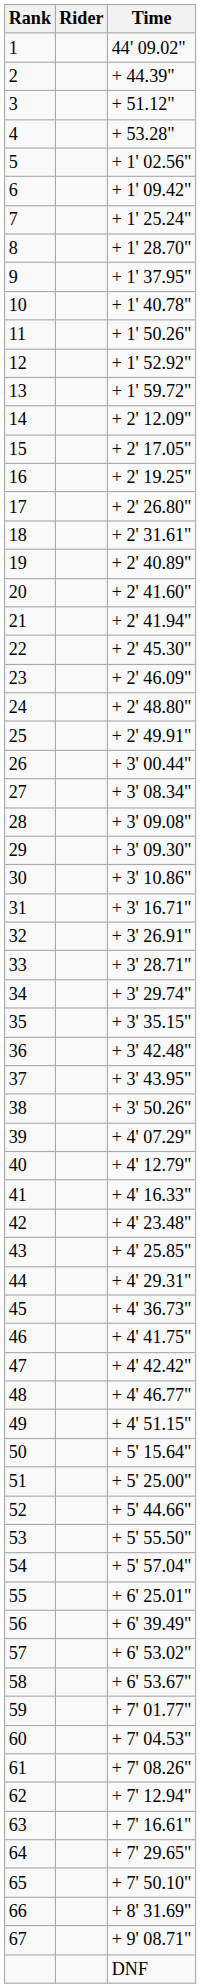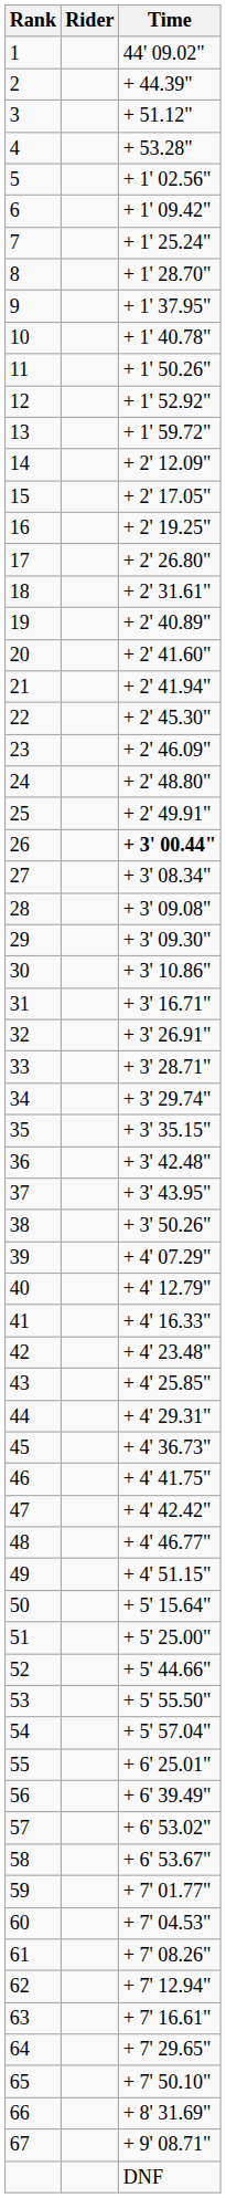 <table class="wikitable">
 <tr>
 <th>Rank</th>
 <th>Rider</th>
 <th>Time</th>
 </tr>
 <tr>
 <td>1</td>
 <td></td>
 <td>44' 09.02"</td>
 </tr>
 <tr>
 <td>2</td>
 <td></td>
 <td>+ 44.39"</td>
 </tr>
 <tr>
 <td>3</td>
 <td></td>
 <td>+ 51.12"</td>
 </tr>
 <tr>
 <td>4</td>
 <td></td>
 <td>+ 53.28"</td>
 </tr>
 <tr>
 <td>5</td>
 <td></td>
 <td>+ 1' 02.56"</td>
 </tr>
 <tr>
 <td>6</td>
 <td></td>
 <td>+ 1' 09.42"</td>
 </tr>
 <tr>
 <td>7</td>
 <td></td>
 <td>+ 1' 25.24"</td>
 </tr>
 <tr>
 <td>8</td>
 <td></td>
 <td>+ 1' 28.70"</td>
 </tr>
 <tr>
 <td>9</td>
 <td></td>
 <td>+ 1' 37.95"</td>
 </tr>
 <tr>
 <td>10</td>
 <td></td>
 <td>+ 1' 40.78"</td>
 </tr>
 <tr>
 <td>11</td>
 <td></td>
 <td>+ 1' 50.26"</td>
 </tr>
 <tr>
 <td>12</td>
 <td></td>
 <td>+ 1' 52.92"</td>
 </tr>
 <tr>
 <td>13</td>
 <td></td>
 <td>+ 1' 59.72"</td>
 </tr>
 <tr>
 <td>14</td>
 <td></td>
 <td>+ 2' 12.09"</td>
 </tr>
 <tr>
 <td>15</td>
 <td></td>
 <td>+ 2' 17.05"</td>
 </tr>
 <tr>
 <td>16</td>
 <td></td>
 <td>+ 2' 19.25"</td>
 </tr>
 <tr>
 <td>17</td>
 <td></td>
 <td>+ 2' 26.80"</td>
 </tr>
 <tr>
 <td>18</td>
 <td></td>
 <td>+ 2' 31.61"</td>
 </tr>
 <tr>
 <td>19</td>
 <td></td>
 <td>+ 2' 40.89"</td>
 </tr>
 <tr>
 <td>20</td>
 <td></td>
 <td>+ 2' 41.60"</td>
 </tr>
 <tr>
 <td>21</td>
 <td></td>
 <td>+ 2' 41.94"</td>
 </tr>
 <tr>
 <td>22</td>
 <td></td>
 <td>+ 2' 45.30"</td>
 </tr>
 <tr>
 <td>23</td>
 <td></td>
 <td>+ 2' 46.09"</td>
 </tr>
 <tr>
 <td>24</td>
 <td></td>
 <td>+ 2' 48.80"</td>
 </tr>
 <tr>
 <td>25</td>
 <td></td>
 <td>+ 2' 49.91"</td>
 </tr>
 <tr>
 <td>26</td>
 <td></td>
-<td>+ 3' 00.44"</td>
+<td><strong>+ 3' 00.44"</strong></td>
 </tr>
 <tr>
 <td>27</td>
 <td></td>
 <td>+ 3' 08.34"</td>
 </tr>
 <tr>
 <td>28</td>
 <td></td>
 <td>+ 3' 09.08"</td>
 </tr>
 <tr>
 <td>29</td>
 <td></td>
 <td>+ 3' 09.30"</td>
 </tr>
 <tr>
 <td>30</td>
 <td></td>
 <td>+ 3' 10.86"</td>
 </tr>
 <tr>
 <td>31</td>
 <td></td>
 <td>+ 3' 16.71"</td>
 </tr>
 <tr>
 <td>32</td>
 <td></td>
 <td>+ 3' 26.91"</td>
 </tr>
 <tr>
 <td>33</td>
 <td></td>
 <td>+ 3' 28.71"</td>
 </tr>
 <tr>
 <td>34</td>
 <td></td>
 <td>+ 3' 29.74"</td>
 </tr>
 <tr>
 <td>35</td>
 <td></td>
 <td>+ 3' 35.15"</td>
 </tr>
 <tr>
 <td>36</td>
 <td></td>
 <td>+ 3' 42.48"</td>
 </tr>
 <tr>
 <td>37</td>
 <td></td>
 <td>+ 3' 43.95"</td>
 </tr>
 <tr>
 <td>38</td>
 <td></td>
 <td>+ 3' 50.26"</td>
 </tr>
 <tr>
 <td>39</td>
 <td></td>
 <td>+ 4' 07.29"</td>
 </tr>
 <tr>
 <td>40</td>
 <td></td>
 <td>+ 4' 12.79"</td>
 </tr>
 <tr>
 <td>41</td>
 <td></td>
 <td>+ 4' 16.33"</td>
 </tr>
 <tr>
 <td>42</td>
 <td></td>
 <td>+ 4' 23.48"</td>
 </tr>
 <tr>
 <td>43</td>
 <td></td>
 <td>+ 4' 25.85"</td>
 </tr>
 <tr>
 <td>44</td>
 <td></td>
 <td>+ 4' 29.31"</td>
 </tr>
 <tr>
 <td>45</td>
 <td></td>
 <td>+ 4' 36.73"</td>
 </tr>
 <tr>
 <td>46</td>
 <td></td>
 <td>+ 4' 41.75"</td>
 </tr>
 <tr>
 <td>47</td>
 <td></td>
 <td>+ 4' 42.42"</td>
 </tr>
 <tr>
 <td>48</td>
 <td></td>
 <td>+ 4' 46.77"</td>
 </tr>
 <tr>
 <td>49</td>
 <td></td>
 <td>+ 4' 51.15"</td>
 </tr>
 <tr>
 <td>50</td>
 <td></td>
 <td>+ 5' 15.64"</td>
 </tr>
 <tr>
 <td>51</td>
 <td></td>
 <td>+ 5' 25.00"</td>
 </tr>
 <tr>
 <td>52</td>
 <td></td>
 <td>+ 5' 44.66"</td>
 </tr>
 <tr>
 <td>53</td>
 <td></td>
 <td>+ 5' 55.50"</td>
 </tr>
 <tr>
 <td>54</td>
 <td></td>
 <td>+ 5' 57.04"</td>
 </tr>
 <tr>
 <td>55</td>
 <td></td>
 <td>+ 6' 25.01"</td>
 </tr>
 <tr>
 <td>56</td>
 <td></td>
 <td>+ 6' 39.49"</td>
 </tr>
 <tr>
 <td>57</td>
 <td></td>
 <td>+ 6' 53.02"</td>
 </tr>
 <tr>
 <td>58</td>
 <td></td>
 <td>+ 6' 53.67"</td>
 </tr>
 <tr>
 <td>59</td>
 <td></td>
 <td>+ 7' 01.77"</td>
 </tr>
 <tr>
 <td>60</td>
 <td></td>
 <td>+ 7' 04.53"</td>
 </tr>
 <tr>
 <td>61</td>
 <td></td>
 <td>+ 7' 08.26"</td>
 </tr>
 <tr>
 <td>62</td>
 <td></td>
 <td>+ 7' 12.94"</td>
 </tr>
 <tr>
 <td>63</td>
 <td></td>
 <td>+ 7' 16.61"</td>
 </tr>
 <tr>
 <td>64</td>
 <td></td>
 <td>+ 7' 29.65"</td>
 </tr>
 <tr>
 <td>65</td>
 <td></td>
 <td>+ 7' 50.10"</td>
 </tr>
 <tr>
 <td>66</td>
 <td></td>
 <td>+ 8' 31.69"</td>
 </tr>
 <tr>
 <td>67</td>
 <td></td>
 <td>+ 9' 08.71"</td>
 </tr>
 <tr>
 <td></td>
 <td></td>
 <td>DNF</td>
 </tr>
 </table>
